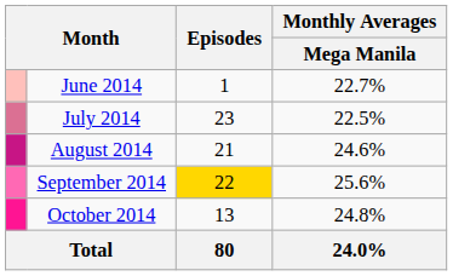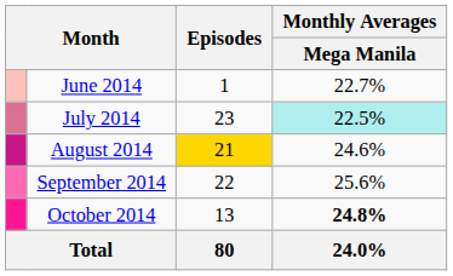 <table class="wikitable plainrowheaders" style="text-align: center; line-height:25px;">
 <tr class="wikitable" style="text-align: center;">
 <th colspan="2" rowspan="2" style="padding: 0 8px;">Month</th>
 <th rowspan="2" style="padding: 0 8px;">Episodes</th>
 <th colspan="2" style="padding: 0 8px;">Monthly Averages</th>
 </tr>
 <tr>
 <th style="padding: 0 8px;">Mega Manila</th>
 </tr>
 <tr>
 <td style="padding: 0 8px; background:#FFC0BB;"></td>
 <td style="padding: 0 8px;" '><a href='#'>June 2014</a></td>
 <td style="padding: 0 8px;">1</td>
 <td style="padding: 0 8px;">22.7%</td>
 </tr>
 <tr>
 <td style="padding: 0 8px; background:#DB7093;"></td>
 <td style="padding: 0 8px;" '><a href='#'>July 2014</a></td>
 <td style="padding: 0 8px;">23</td>
-<td style="padding: 0 8px;">22.5%</td>
+<td style="background: paleturquoise; padding: 0 8px;">22.5%</td>
 </tr>
 <tr>
 <td style="padding: 0 8px; background:#C71585;"></td>
 <td style="padding: 0 8px;" '><a href='#'>August 2014</a></td>
-<td style="padding: 0 8px;">21</td>
+<td style="background: gold; padding: 0 8px;">21</td>
 <td style="padding: 0 8px;">24.6%</td>
 </tr>
 <tr>
 <td style="padding: 0 8px; background:#FF69B4;"></td>
 <td style="padding: 0 8px;" '><a href='#'>September 2014</a></td>
-<td style="background: gold; padding: 0 8px;">22</td>
+<td style="padding: 0 8px;">22</td>
 <td style="padding: 0 8px;">25.6%</td>
 </tr>
 <tr>
 <td style="padding: 0 8px; background:#FF1493;"></td>
 <td style="padding: 0 8px;" '><a href='#'>October 2014</a></td>
 <td style="padding: 0 8px;">13</td>
-<td style="padding: 0 8px;">24.8%</td>
+<td style="padding: 0 8px;"><strong>24.8%</strong></td>
 </tr>
 <tr>
 <th colspan="2">Total</th>
 <th colspan="1">80</th>
 <th colspan="2">24.0%</th>
 </tr>
 </table>
